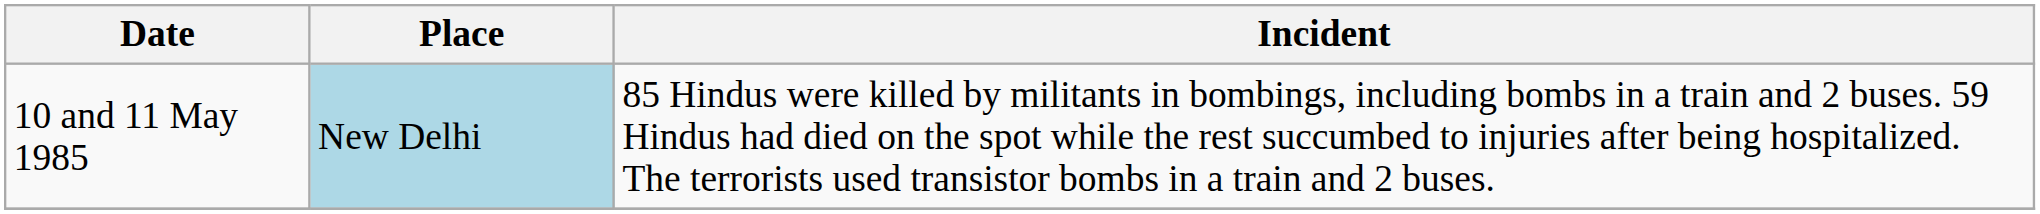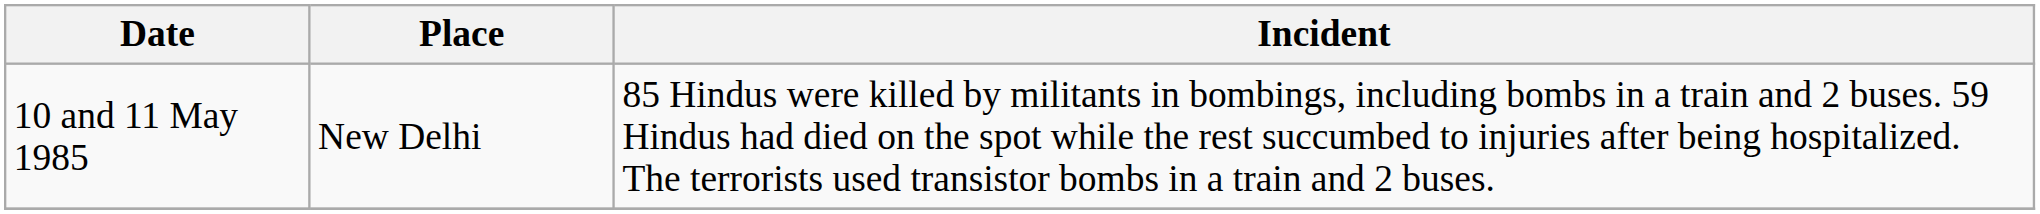 <table class="wikitable">
 <tr>
 <th width="15%">Date</th>
 <th width="15%">Place</th>
 <th width="70%">Incident</th>
 </tr>
 <tr>
 <td>10 and 11 May 1985</td>
-<td style="background: lightblue;">New Delhi</td>
+<td>New Delhi</td>
 <td>85 Hindus were killed by militants in bombings, including bombs in a train and 2 buses. 59 Hindus had died on the spot while the rest succumbed to injuries after being hospitalized. The terrorists used transistor bombs in a train and 2 buses.</td>
 </tr>
 <tr>
 </tr>
 </table>
